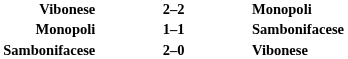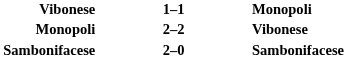 <table width="100%" cellspacing="1">
 <tr>
 <th width="20%"></th>
 <th width="12%"></th>
 <th width="20%"></th>
 <th></th>
 </tr>
 <tr style="font-size:90%;">
 <td align="right"><strong>Vibonese</strong></td>
-<td align="center"><strong>2–2</strong></td>
+<td align="center"><strong>1–1</strong></td>
 <td align="left"><strong>Monopoli</strong></td>
 </tr>
 <tr style="font-size:90%;">
 <td align="right"><strong>Monopoli</strong></td>
-<td align="center"><strong>1–1</strong></td>
-<td align="left"><strong>Sambonifacese</strong></td>
+<td align="center"><strong>2–2</strong></td>
+<td align="left"><strong>Vibonese</strong></td>
 </tr>
 <tr style="font-size:90%;">
 <td align="right"><strong>Sambonifacese</strong></td>
 <td align="center"><strong>2–0</strong></td>
-<td align="left"><strong>Vibonese</strong></td>
+<td align="left"><strong>Sambonifacese</strong></td>
 </tr>
 </table>
